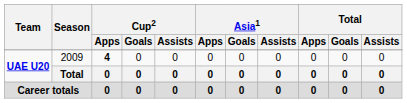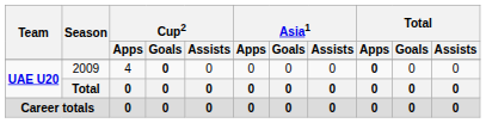 <table class="wikitable" style="font-size:90%; text-align: center;">
 <tr>
 <th rowspan="2">Team</th>
 <th rowspan="2">Season</th>
 <th colspan="3"><br>Cup<sup>2</sup></th>
 <th colspan="3"><br><a href='#'>Asia</a><sup>1</sup></th>
 <th colspan="3">Total</th>
 </tr>
 <tr>
 <th>Apps</th>
 <th>Goals</th>
 <th>Assists</th>
 <th>Apps</th>
 <th>Goals</th>
 <th>Assists</th>
 <th>Apps</th>
 <th>Goals</th>
 <th>Assists</th>
 </tr>
 <tr>
 </tr>
 <tr align=center>
 <td rowspan="2" align=center valign=center><strong><a href='#'>UAE U20</a></strong></td>
 <td>2009</td>
-<td><strong>4</strong></td>
+<td>4</td>
+<td><strong>0</strong></td>
 <td>0</td>
 <td>0</td>
 <td>0</td>
 <td>0</td>
-<td>0</td>
-<td>0</td>
+<td><strong>0</strong></td>
 <td>0</td>
 <td>0</td>
 </tr>
 <tr align=center>
 <th>Total</th>
 <th>0</th>
 <th>0</th>
 <th>0</th>
 <th>0</th>
 <th>0</th>
 <th>0</th>
 <th>0</th>
 <th>0</th>
 <th>0</th>
 </tr>
 <tr>
 <th style="background: #DCDCDC" colspan="2">Career totals</th>
 <th style="background: #DCDCDC">0</th>
 <th style="background: #DCDCDC">0</th>
 <th style="background: #DCDCDC">0</th>
 <th style="background: #DCDCDC">0</th>
 <th style="background: #DCDCDC">0</th>
 <th style="background: #DCDCDC">0</th>
 <th style="background: #DCDCDC">0</th>
 <th style="background: #DCDCDC">0</th>
 <th style="background: #DCDCDC">0</th>
 </tr>
 </table>
